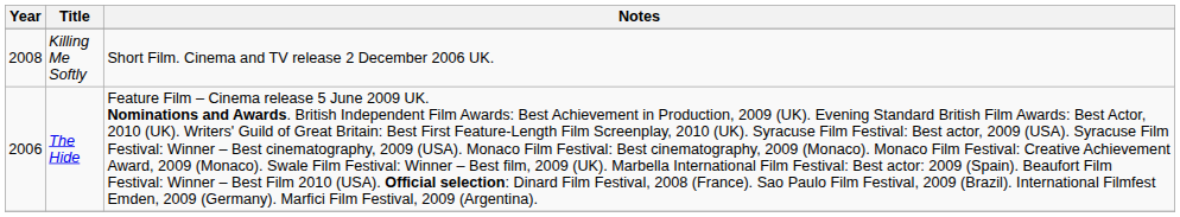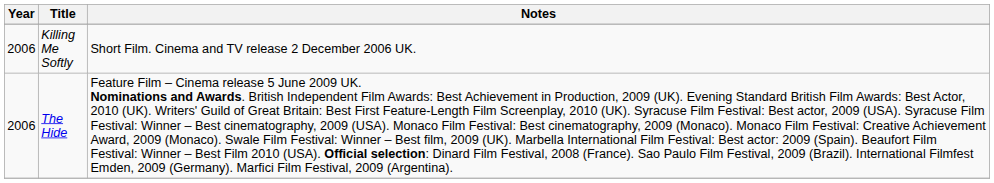 <table class = "wikitable">
 <tr>
 <th>Year</th>
 <th>Title</th>
 <th>Notes</th>
 </tr>
 <tr>
 </tr>
 <tr>
-<td>2008</td>
+<td>2006</td>
 <td><em>Killing Me Softly</em></td>
 <td>Short Film. Cinema and TV release 2 December 2006 UK.</td>
 </tr>
 <tr>
 <td>2006</td>
 <td><em><a href='#'>The Hide</a></em></td>
 <td>Feature Film – Cinema release 5 June 2009 UK.<br><strong>Nominations and Awards</strong>. British Independent Film Awards: Best Achievement in Production, 2009 (UK). Evening Standard British Film Awards: Best Actor, 2010 (UK). Writers' Guild of Great Britain: Best First Feature-Length Film Screenplay, 2010 (UK).  Syracuse Film Festival: Best actor, 2009 (USA). Syracuse Film Festival: Winner – Best cinematography, 2009 (USA).  Monaco Film Festival: Best cinematography, 2009 (Monaco). Monaco Film Festival: Creative Achievement Award, 2009 (Monaco).  Swale Film Festival: Winner – Best film, 2009 (UK). Marbella International Film Festival: Best actor:  2009 (Spain).  Beaufort Film Festival: Winner – Best Film 2010 (USA). <strong>Official selection</strong>: Dinard Film Festival, 2008 (France).  Sao Paulo Film Festival, 2009 (Brazil). International Filmfest Emden, 2009 (Germany). Marfici Film Festival, 2009 (Argentina).</td>
 </tr>
 <tr>
 </tr>
 </table>
